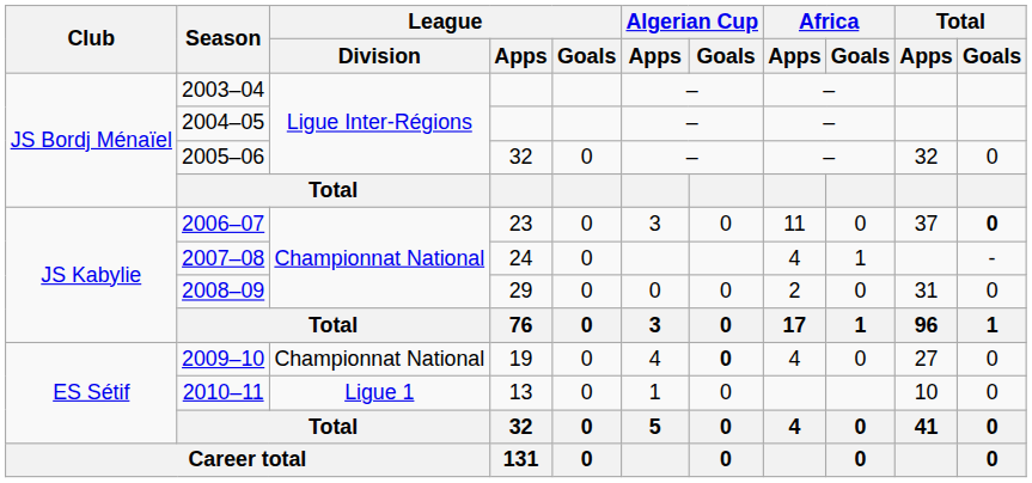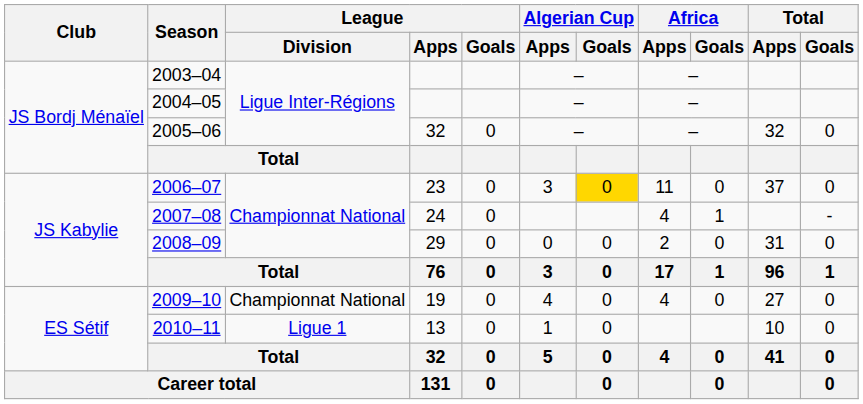 <table class="wikitable" style="text-align:center">
 <tr>
 <th rowspan="2">Club</th>
 <th rowspan="2">Season</th>
 <th colspan="3">League</th>
 <th colspan="2"><a href='#'>Algerian Cup</a></th>
 <th colspan="2"><a href='#'>Africa</a></th>
 <th colspan="2">Total</th>
 </tr>
 <tr>
 <th>Division</th>
 <th>Apps</th>
 <th>Goals</th>
 <th>Apps</th>
 <th>Goals</th>
 <th>Apps</th>
 <th>Goals</th>
 <th>Apps</th>
 <th>Goals</th>
 </tr>
 <tr>
 <td rowspan="4"><a href='#'>JS Bordj Ménaïel</a></td>
 <td>2003–04</td>
 <td rowspan="3"><a href='#'>Ligue Inter-Régions</a></td>
 <td></td>
 <td></td>
 <td colspan="2">–</td>
 <td colspan="2">–</td>
 <td></td>
 <td></td>
 </tr>
 <tr>
 <td>2004–05</td>
 <td></td>
 <td></td>
 <td colspan="2">–</td>
 <td colspan="2">–</td>
 <td></td>
 <td></td>
 </tr>
 <tr>
 <td>2005–06</td>
 <td>32</td>
 <td>0</td>
 <td colspan="2">–</td>
 <td colspan="2">–</td>
 <td>32</td>
 <td>0</td>
 </tr>
 <tr>
 <th colspan="2">Total</th>
 <th></th>
 <th></th>
 <th></th>
 <th></th>
 <th></th>
 <th></th>
 <th></th>
 <th></th>
 </tr>
 <tr>
 <td rowspan="4"><a href='#'>JS Kabylie</a></td>
 <td><a href='#'>2006–07</a></td>
 <td rowspan="3"><a href='#'>Championnat National</a></td>
 <td>23</td>
 <td>0</td>
 <td>3</td>
-<td>0</td>
+<td style="background: gold;">0</td>
 <td>11</td>
 <td>0</td>
 <td>37</td>
-<td><strong>0</strong></td>
+<td>0</td>
 </tr>
 <tr>
 <td><a href='#'>2007–08</a></td>
 <td>24</td>
 <td>0</td>
 <td></td>
 <td></td>
 <td>4</td>
 <td>1</td>
 <td></td>
 <td>-</td>
 </tr>
 <tr>
 <td><a href='#'>2008–09</a></td>
 <td>29</td>
 <td>0</td>
 <td>0</td>
 <td>0</td>
 <td>2</td>
 <td>0</td>
 <td>31</td>
 <td>0</td>
 </tr>
 <tr>
 <th colspan="2">Total</th>
 <th>76</th>
 <th>0</th>
 <th>3</th>
 <th>0</th>
 <th>17</th>
 <th>1</th>
 <th>96</th>
 <th>1</th>
 </tr>
 <tr>
 <td rowspan="3"><a href='#'>ES Sétif</a></td>
 <td><a href='#'>2009–10</a></td>
 <td>Championnat National</td>
 <td>19</td>
 <td>0</td>
 <td>4</td>
-<td><strong>0</strong></td>
+<td>0</td>
 <td>4</td>
 <td>0</td>
 <td>27</td>
 <td>0</td>
 </tr>
 <tr>
 <td><a href='#'>2010–11</a></td>
 <td><a href='#'>Ligue 1</a></td>
 <td>13</td>
 <td>0</td>
 <td>1</td>
 <td>0</td>
 <td></td>
 <td></td>
 <td>10</td>
 <td>0</td>
 </tr>
 <tr>
 <th colspan="2">Total</th>
 <th>32</th>
 <th>0</th>
 <th>5</th>
 <th>0</th>
 <th>4</th>
 <th>0</th>
 <th>41</th>
 <th>0</th>
 </tr>
 <tr>
 <th colspan="3">Career total</th>
 <th>131</th>
 <th>0</th>
 <th></th>
 <th>0</th>
 <th></th>
 <th>0</th>
 <th></th>
 <th>0</th>
 </tr>
 </table>
